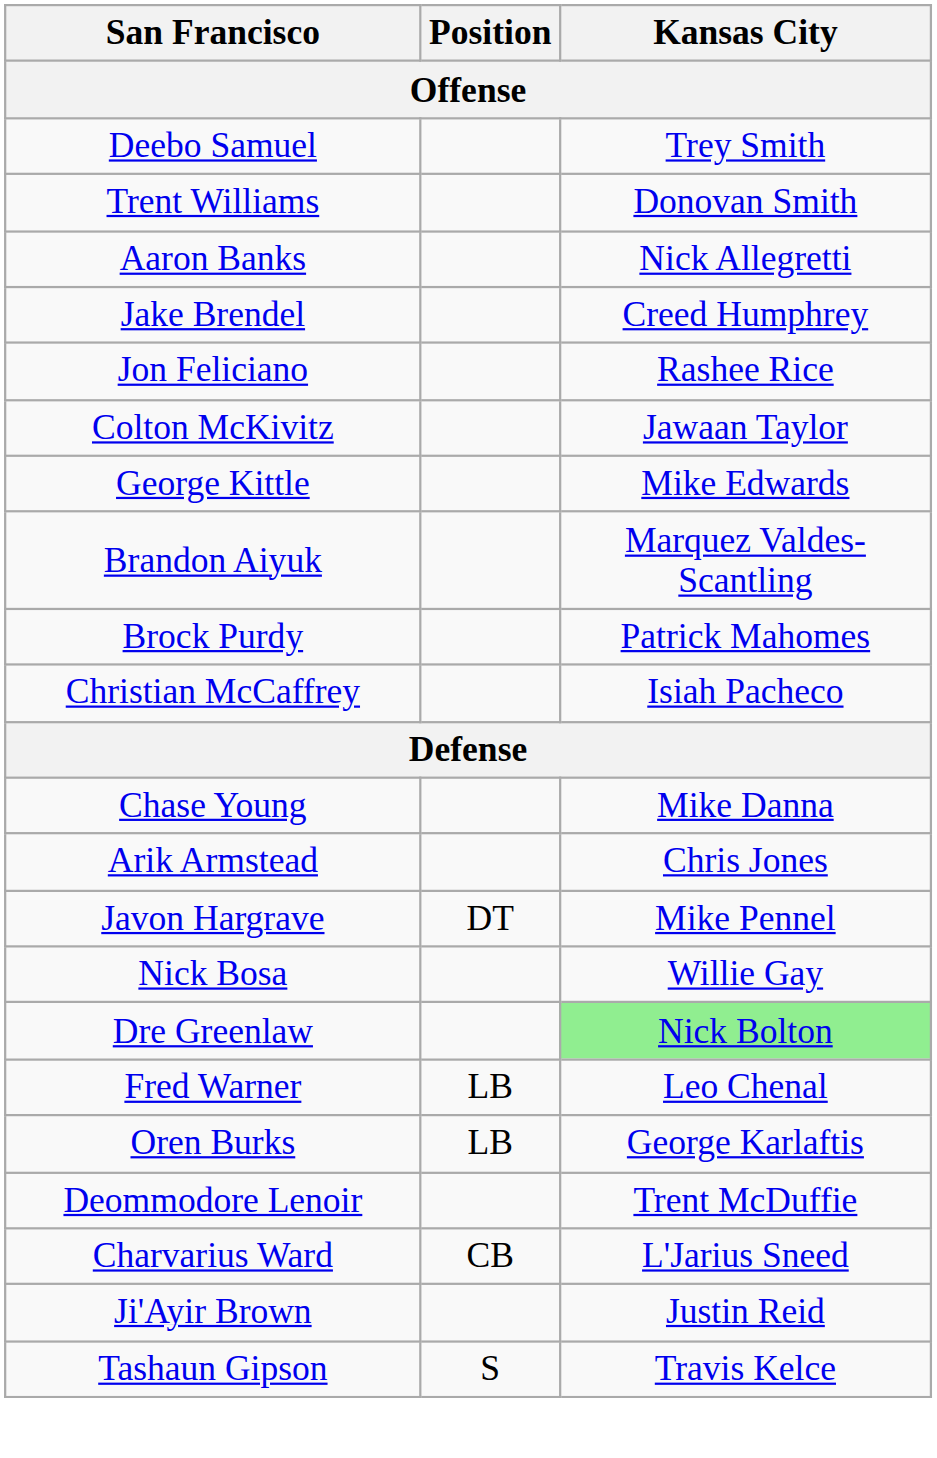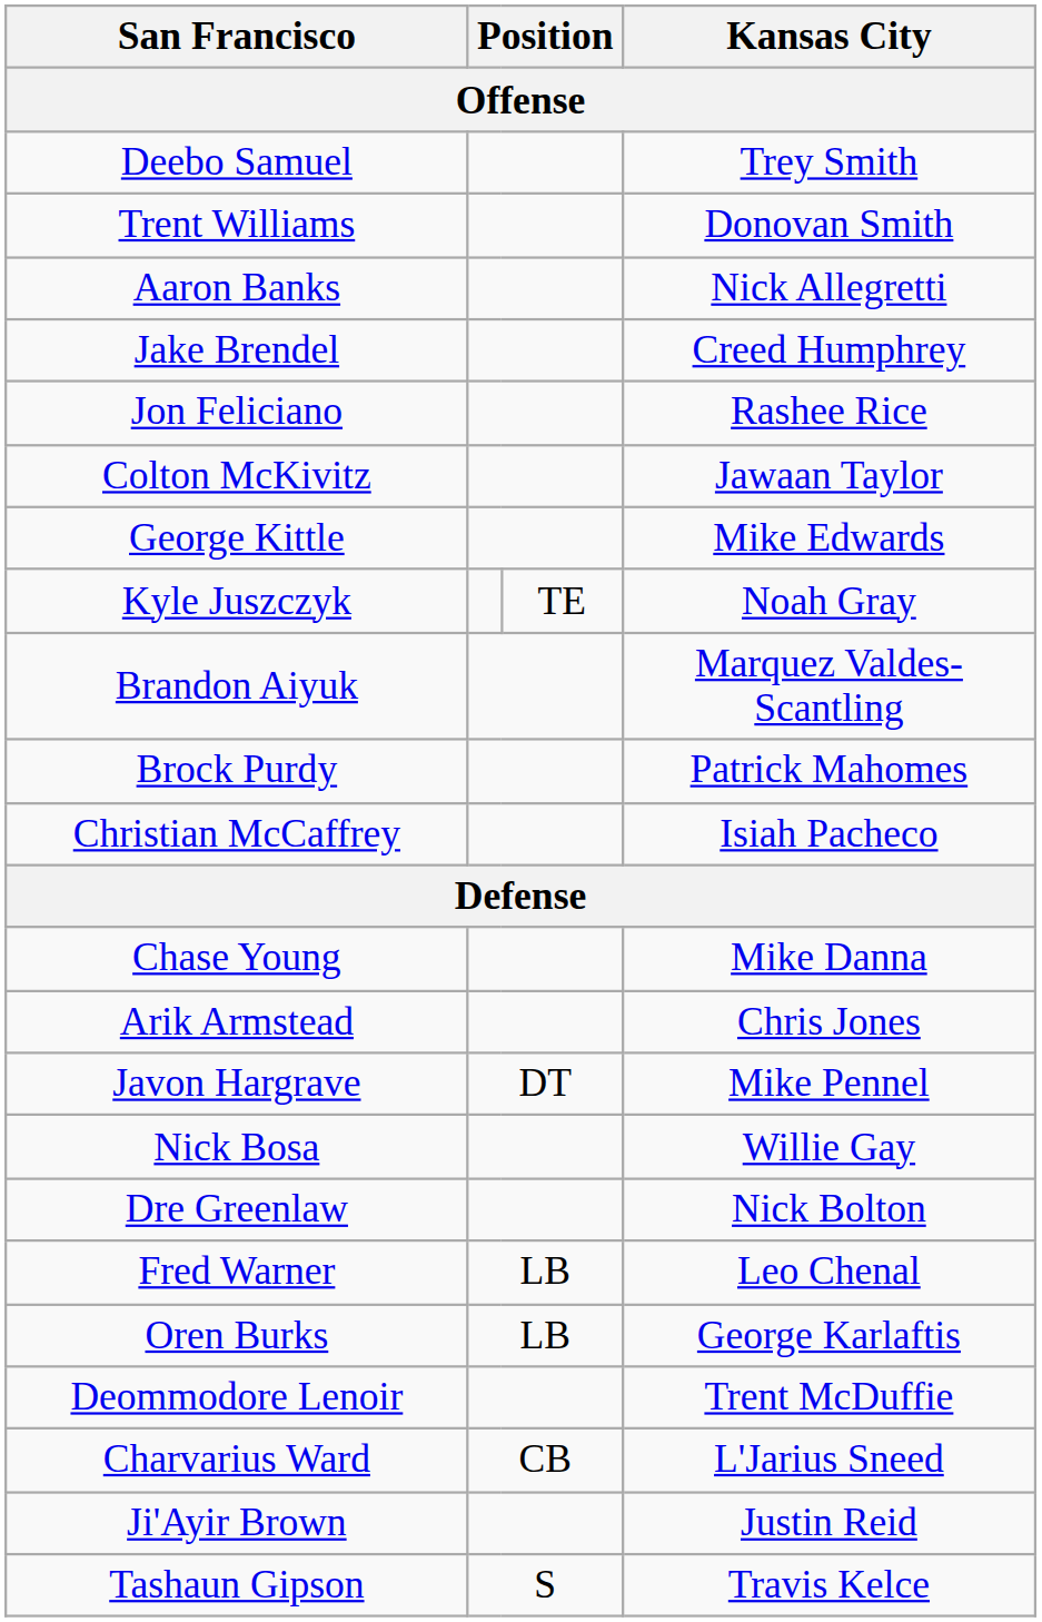 <table class="wikitable" style="text-align:center;margin:0 auto">
 <tr>
 <th style="width:180px;">San Francisco</th>
 <th colspan="2">Position</th>
 <th style="width:160px;">Kansas City</th>
 </tr>
 <tr>
 <th colspan="4">Offense</th>
 </tr>
 <tr>
 <td><a href='#'>Deebo Samuel</a></td>
 <td colspan="2"></td>
 <td><a href='#'>Trey Smith</a></td>
 </tr>
 <tr>
 <td><a href='#'>Trent Williams</a></td>
 <td colspan="2"></td>
 <td><a href='#'>Donovan Smith</a></td>
 </tr>
 <tr>
 <td><a href='#'>Aaron Banks</a></td>
 <td colspan="2"></td>
 <td><a href='#'>Nick Allegretti</a></td>
 </tr>
 <tr>
 <td><a href='#'>Jake Brendel</a></td>
 <td colspan="2"></td>
 <td><a href='#'>Creed Humphrey</a></td>
 </tr>
 <tr>
 <td><a href='#'>Jon Feliciano</a></td>
 <td colspan="2"></td>
 <td><a href='#'>Rashee Rice</a></td>
 </tr>
 <tr>
 <td><a href='#'>Colton McKivitz</a></td>
 <td colspan="2"></td>
 <td><a href='#'>Jawaan Taylor</a></td>
 </tr>
 <tr>
 <td><a href='#'>George Kittle</a></td>
 <td colspan="2"></td>
 <td><a href='#'>Mike Edwards</a></td>
 </tr>
 <tr>
+<td><a href='#'>Kyle Juszczyk</a></td>
+<td></td>
+<td>TE</td>
+<td><a href='#'>Noah Gray</a></td>
+</tr>
+<tr>
 <td><a href='#'>Brandon Aiyuk</a></td>
 <td colspan="2"></td>
 <td><a href='#'>Marquez Valdes-Scantling</a></td>
 </tr>
 <tr>
 <td><a href='#'>Brock Purdy</a></td>
 <td colspan="2"></td>
 <td><a href='#'>Patrick Mahomes</a></td>
 </tr>
 <tr>
 <td><a href='#'>Christian McCaffrey</a></td>
 <td colspan="2"></td>
 <td><a href='#'>Isiah Pacheco</a></td>
 </tr>
 <tr>
 <th colspan="4">Defense</th>
 </tr>
 <tr>
 <td><a href='#'>Chase Young</a></td>
 <td colspan="2"></td>
 <td><a href='#'>Mike Danna</a></td>
 </tr>
 <tr>
 <td><a href='#'>Arik Armstead</a></td>
 <td colspan="2"></td>
 <td><a href='#'>Chris Jones</a></td>
 </tr>
 <tr>
 <td><a href='#'>Javon Hargrave</a></td>
 <td colspan="2">DT</td>
 <td><a href='#'>Mike Pennel</a></td>
 </tr>
 <tr>
 <td><a href='#'>Nick Bosa</a></td>
 <td colspan="2"></td>
 <td><a href='#'>Willie Gay</a></td>
 </tr>
 <tr>
 <td><a href='#'>Dre Greenlaw</a></td>
 <td colspan="2"></td>
-<td style="background: lightgreen;"><a href='#'>Nick Bolton</a></td>
+<td><a href='#'>Nick Bolton</a></td>
 </tr>
 <tr>
 <td><a href='#'>Fred Warner</a></td>
 <td colspan="2">LB</td>
 <td><a href='#'>Leo Chenal</a></td>
 </tr>
 <tr>
 <td><a href='#'>Oren Burks</a></td>
 <td colspan="2">LB</td>
 <td><a href='#'>George Karlaftis</a></td>
 </tr>
 <tr>
 <td><a href='#'>Deommodore Lenoir</a></td>
 <td colspan="2"></td>
 <td><a href='#'>Trent McDuffie</a></td>
 </tr>
 <tr>
 <td><a href='#'>Charvarius Ward</a></td>
 <td colspan="2">CB</td>
 <td><a href='#'>L'Jarius Sneed</a></td>
 </tr>
 <tr>
 <td><a href='#'>Ji'Ayir Brown</a></td>
 <td colspan="2"></td>
 <td><a href='#'>Justin Reid</a></td>
 </tr>
 <tr>
 <td><a href='#'>Tashaun Gipson</a></td>
 <td colspan="2">S</td>
 <td><a href='#'>Travis Kelce</a></td>
 </tr>
 </table>
